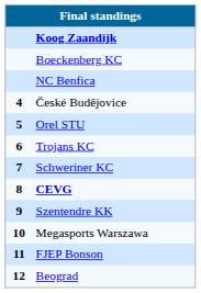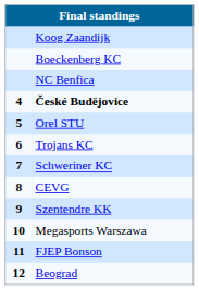 <table align=center cellpadding="4" cellspacing="0" style="background: #D0E7FF; border: 1px #aaa solid; border-collapse: collapse; font-size: 90%;" width=220>
 <tr align=center bgcolor=#006699 style="color:white;">
 <th width=100% colspan=2>Final standings</th>
 </tr>
 <tr align=center bgcolor=#D0E7FF>
 <td></td>
-<td align=left><strong> <a href='#'>Koog Zaandijk</a></strong></td>
+<td align=left> <a href='#'>Koog Zaandijk</a></td>
 </tr>
 <tr align=center bgcolor=#F5FAFF>
 <td></td>
 <td align=left> <a href='#'>Boeckenberg KC</a></td>
 </tr>
 <tr align=center bgcolor=#D0E7FF>
 <td></td>
 <td align=left> <a href='#'>NC Benfica</a></td>
 </tr>
 <tr align=center bgcolor=#F5FAFF>
 <td><strong>4</strong></td>
-<td align=left> České Budějovice</td>
+<td align=left><strong> České Budějovice</strong></td>
 </tr>
 <tr align=center bgcolor=#D0E7FF>
 <td><strong>5</strong></td>
 <td align=left> <a href='#'>Orel STU</a></td>
 </tr>
 <tr align=center bgcolor=#F5FAFF>
 <td><strong>6</strong></td>
 <td align=left> <a href='#'>Trojans KC</a></td>
 </tr>
 <tr align=center bgcolor=#D0E7FF>
 <td><strong>7</strong></td>
 <td align=left> <a href='#'>Schweriner KC</a></td>
 </tr>
 <tr align=center bgcolor=#F5FAFF>
 <td><strong>8</strong></td>
-<td align=left><strong> <a href='#'>CEVG</a></strong></td>
+<td align=left> <a href='#'>CEVG</a></td>
 </tr>
 <tr align=center bgcolor=#D0E7FF>
 <td><strong>9</strong></td>
 <td align=left> <a href='#'>Szentendre KK</a></td>
 </tr>
 <tr align=center bgcolor=#F5FAFF>
 <td><strong>10</strong></td>
 <td align=left> Megasports Warszawa</td>
 </tr>
 <tr align=center bgcolor=#D0E7FF>
 <td><strong>11</strong></td>
 <td align=left> <a href='#'>FJEP Bonson</a></td>
 </tr>
 <tr align=center bgcolor=#F5FAFF>
 <td><strong>12</strong></td>
 <td align=left> <a href='#'>Beograd</a></td>
 </tr>
 </table>
